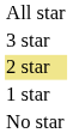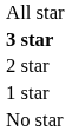 <table>
 <tr>
 <td>All star</td>
 <td></td>
 </tr>
 <tr>
-<td>3 star</td>
+<td><strong>3 star</strong></td>
 <td></td>
 </tr>
 <tr>
-<td style="background: khaki;">2 star</td>
+<td>2 star</td>
 <td></td>
 </tr>
 <tr>
 <td>1 star</td>
 <td></td>
 </tr>
 <tr>
 <td>No star</td>
 <td></td>
 </tr>
 </table>
